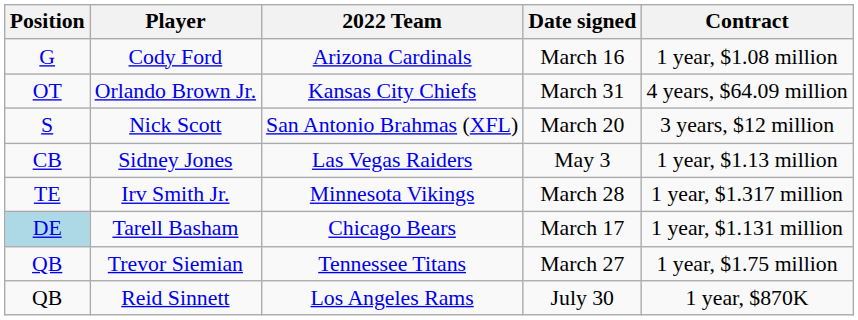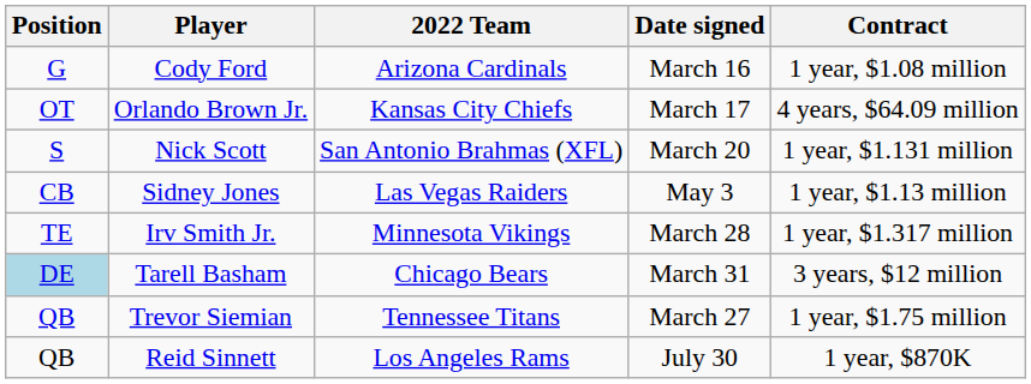 <table class="wikitable" style="text-align:center">
 <tr>
 <th>Position</th>
 <th>Player</th>
 <th>2022 Team</th>
 <th>Date signed</th>
 <th>Contract</th>
 </tr>
 <tr>
 <td><a href='#'>G</a></td>
 <td><a href='#'>Cody Ford</a></td>
 <td><a href='#'>Arizona Cardinals</a></td>
 <td>March 16</td>
 <td>1 year, $1.08 million</td>
 </tr>
 <tr>
 <td><a href='#'>OT</a></td>
 <td><a href='#'>Orlando Brown Jr.</a></td>
 <td><a href='#'>Kansas City Chiefs</a></td>
-<td>March 31</td>
+<td>March 17</td>
 <td>4 years, $64.09 million</td>
 </tr>
 <tr>
 <td><a href='#'>S</a></td>
 <td><a href='#'>Nick Scott</a></td>
 <td><a href='#'>San Antonio Brahmas</a> (<a href='#'>XFL</a>)</td>
 <td>March 20</td>
-<td>3 years, $12 million</td>
+<td>1 year, $1.131 million</td>
 </tr>
 <tr>
 <td><a href='#'>CB</a></td>
 <td><a href='#'>Sidney Jones</a></td>
 <td><a href='#'>Las Vegas Raiders</a></td>
 <td>May 3</td>
 <td>1 year, $1.13 million</td>
 </tr>
 <tr>
 <td><a href='#'>TE</a></td>
 <td><a href='#'>Irv Smith Jr.</a></td>
 <td><a href='#'>Minnesota Vikings</a></td>
 <td>March 28</td>
 <td>1 year, $1.317 million</td>
 </tr>
 <tr>
 <td style="background: lightblue;"><a href='#'>DE</a></td>
 <td><a href='#'>Tarell Basham</a></td>
 <td><a href='#'>Chicago Bears</a></td>
-<td>March 17</td>
-<td>1 year, $1.131 million</td>
+<td>March 31</td>
+<td>3 years, $12 million</td>
 </tr>
 <tr>
 <td><a href='#'>QB</a></td>
 <td><a href='#'>Trevor Siemian</a></td>
 <td><a href='#'>Tennessee Titans</a></td>
 <td>March 27</td>
 <td>1 year, $1.75 million</td>
 </tr>
 <tr>
 <td>QB</td>
 <td><a href='#'>Reid Sinnett</a></td>
 <td><a href='#'>Los Angeles Rams</a></td>
 <td>July 30</td>
 <td>1 year, $870K</td>
 </tr>
 </table>
